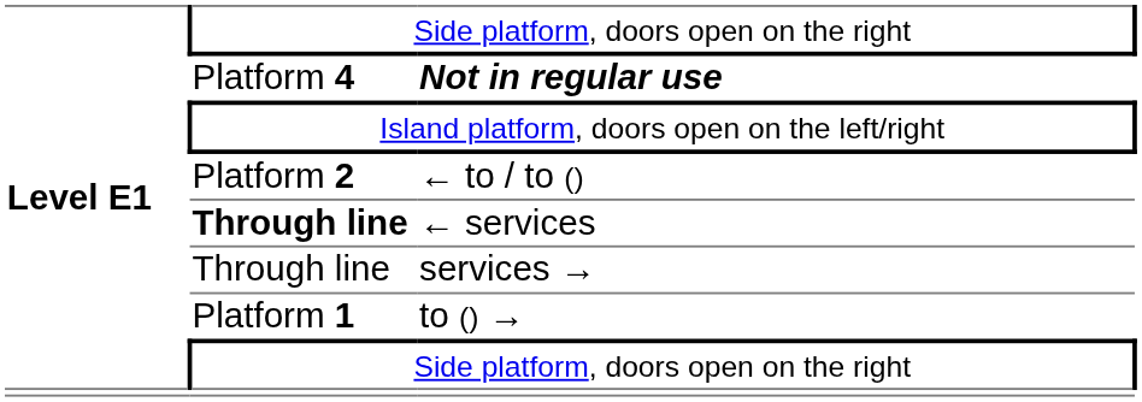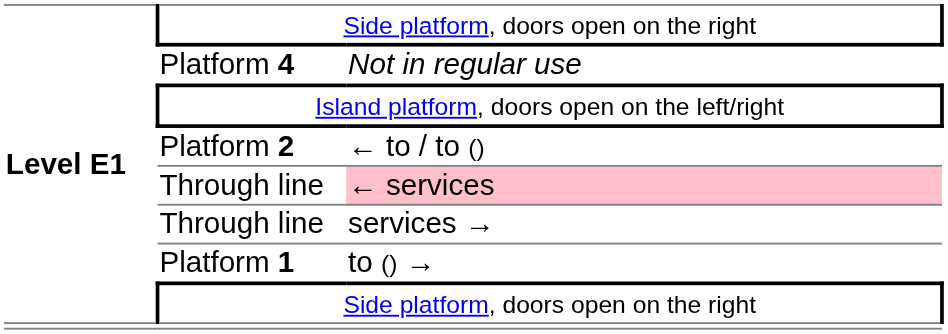 <table style="border-collapse:collapse">
 <tr style="border-top:1px solid grey">
 <td rowspan=8 style="width:80px"><strong>Level E1</strong></td>
 <td colspan=2 style="border:solid;border-width:0px 2px 2px;text-align:center"><small><a href='#'>Side platform</a>, doors open on the right</small></td>
 </tr>
 <tr>
 <td style="width:100px">Platform <strong>4</strong></td>
-<td style="width:320px"><strong> <em>Not in regular use</em></strong></td>
+<td style="width:320px"> <em>Not in regular use</em></td>
 </tr>
 <tr>
 <td colspan=2 style="border:2px solid;text-align:center"><small><a href='#'>Island platform</a>, doors open on the left/right</small></td>
 </tr>
 <tr>
 <td>Platform <strong>2</strong></td>
 <td>←  to  /  to  <small>()</small></td>
 </tr>
 <tr style="border-top:1px solid grey">
-<td><strong>Through line</strong></td>
-<td>←  services</td>
+<td>Through line</td>
+<td style="background: pink;">←  services</td>
 </tr>
 <tr style="border-top:1px solid grey">
 <td>Through line</td>
 <td>  services →</td>
 </tr>
 <tr style="border-top:1px solid grey">
 <td>Platform <strong>1</strong></td>
 <td>   to  <small>()</small> →</td>
 </tr>
 <tr>
 <td colspan=2 style="border:solid;border-width:2px 2px 0;text-align:center"><small><a href='#'>Side platform</a>, doors open on the right</small></td>
 </tr>
 <tr style="border:solid grey;border-width:1px 0">
 <td><strong></strong></td>
 <td></td>
 <td></td>
 </tr>
 </table>
